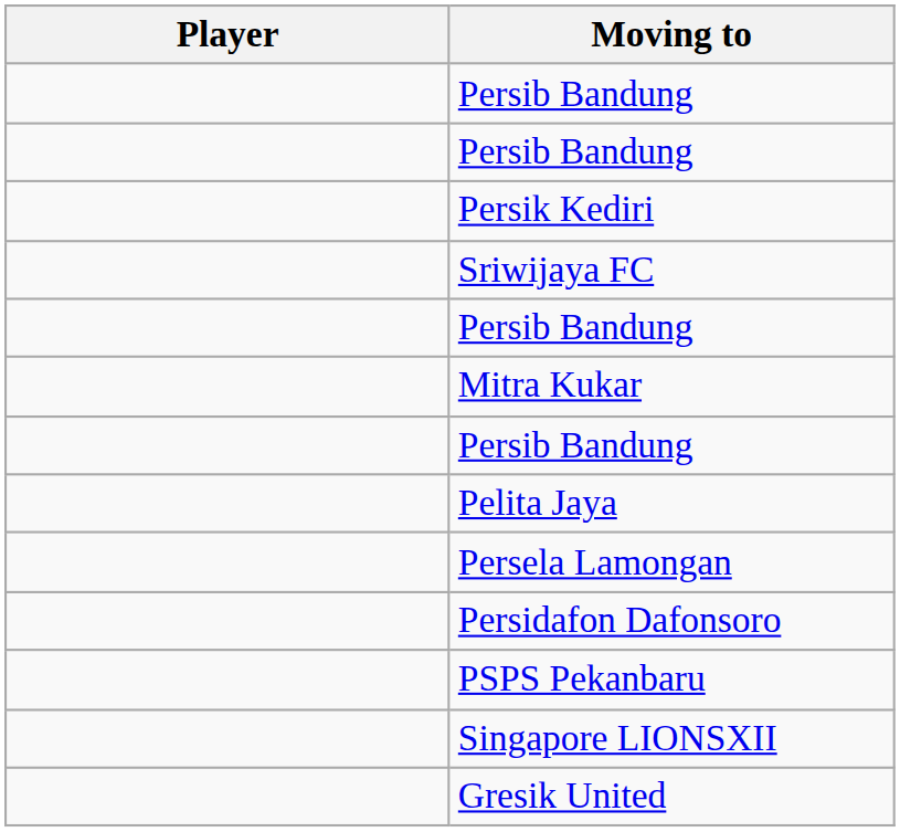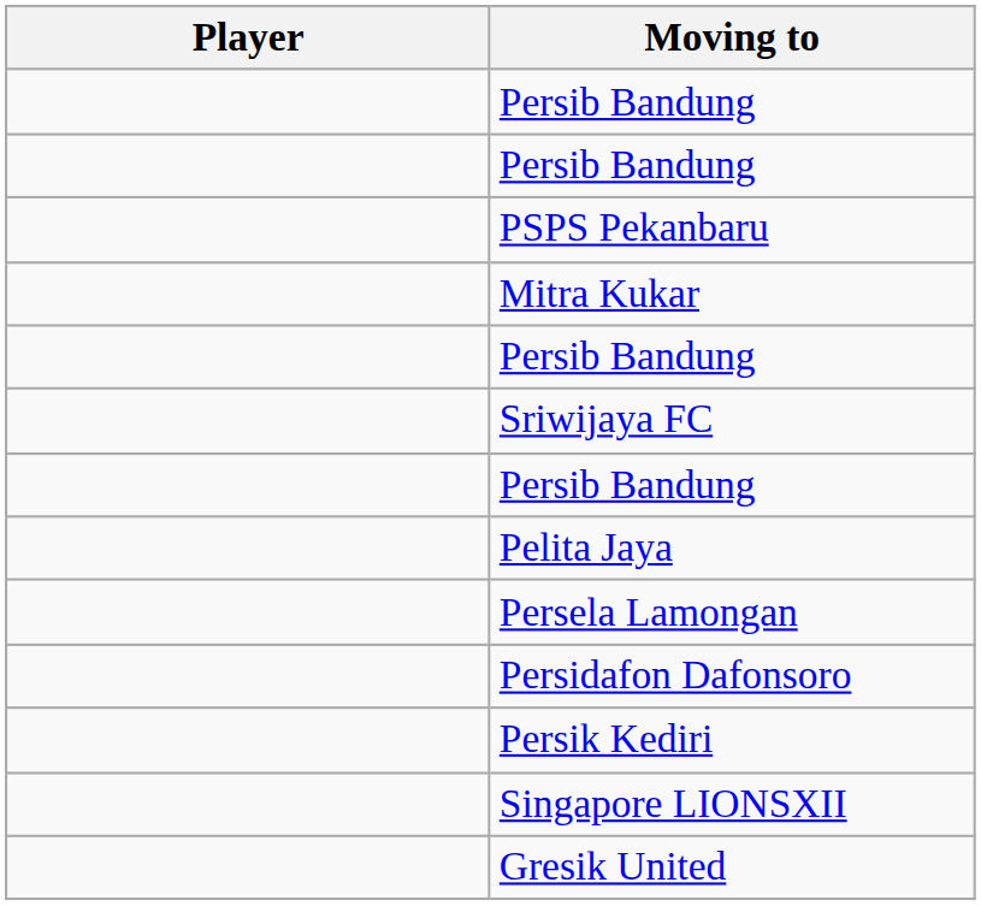 <table class="wikitable sortable">
 <tr>
 <th style="width:185px;">Player</th>
 <th style="width:185px;">Moving to</th>
 </tr>
 <tr>
 <td> </td>
 <td> <a href='#'>Persib Bandung</a></td>
 </tr>
 <tr>
 <td> </td>
 <td> <a href='#'>Persib Bandung</a></td>
 </tr>
 <tr>
 <td> </td>
-<td> <a href='#'>Persik Kediri</a></td>
+<td> <a href='#'>PSPS Pekanbaru</a></td>
 </tr>
 <tr>
 <td> </td>
-<td> <a href='#'>Sriwijaya FC</a></td>
+<td> <a href='#'>Mitra Kukar</a></td>
 </tr>
 <tr>
 <td> </td>
 <td> <a href='#'>Persib Bandung</a></td>
 </tr>
 <tr>
 <td> </td>
-<td> <a href='#'>Mitra Kukar</a></td>
+<td> <a href='#'>Sriwijaya FC</a></td>
 </tr>
 <tr>
 <td> </td>
 <td> <a href='#'>Persib Bandung</a></td>
 </tr>
 <tr>
 <td> </td>
 <td> <a href='#'>Pelita Jaya</a></td>
 </tr>
 <tr>
 <td> </td>
 <td> <a href='#'>Persela Lamongan</a></td>
 </tr>
 <tr>
 <td> </td>
 <td> <a href='#'>Persidafon Dafonsoro</a></td>
 </tr>
 <tr>
 <td> </td>
-<td> <a href='#'>PSPS Pekanbaru</a></td>
+<td> <a href='#'>Persik Kediri</a></td>
 </tr>
 <tr>
 <td> </td>
 <td> <a href='#'>Singapore LIONSXII</a></td>
 </tr>
 <tr>
 <td> </td>
 <td> <a href='#'>Gresik United</a></td>
 </tr>
 </table>
